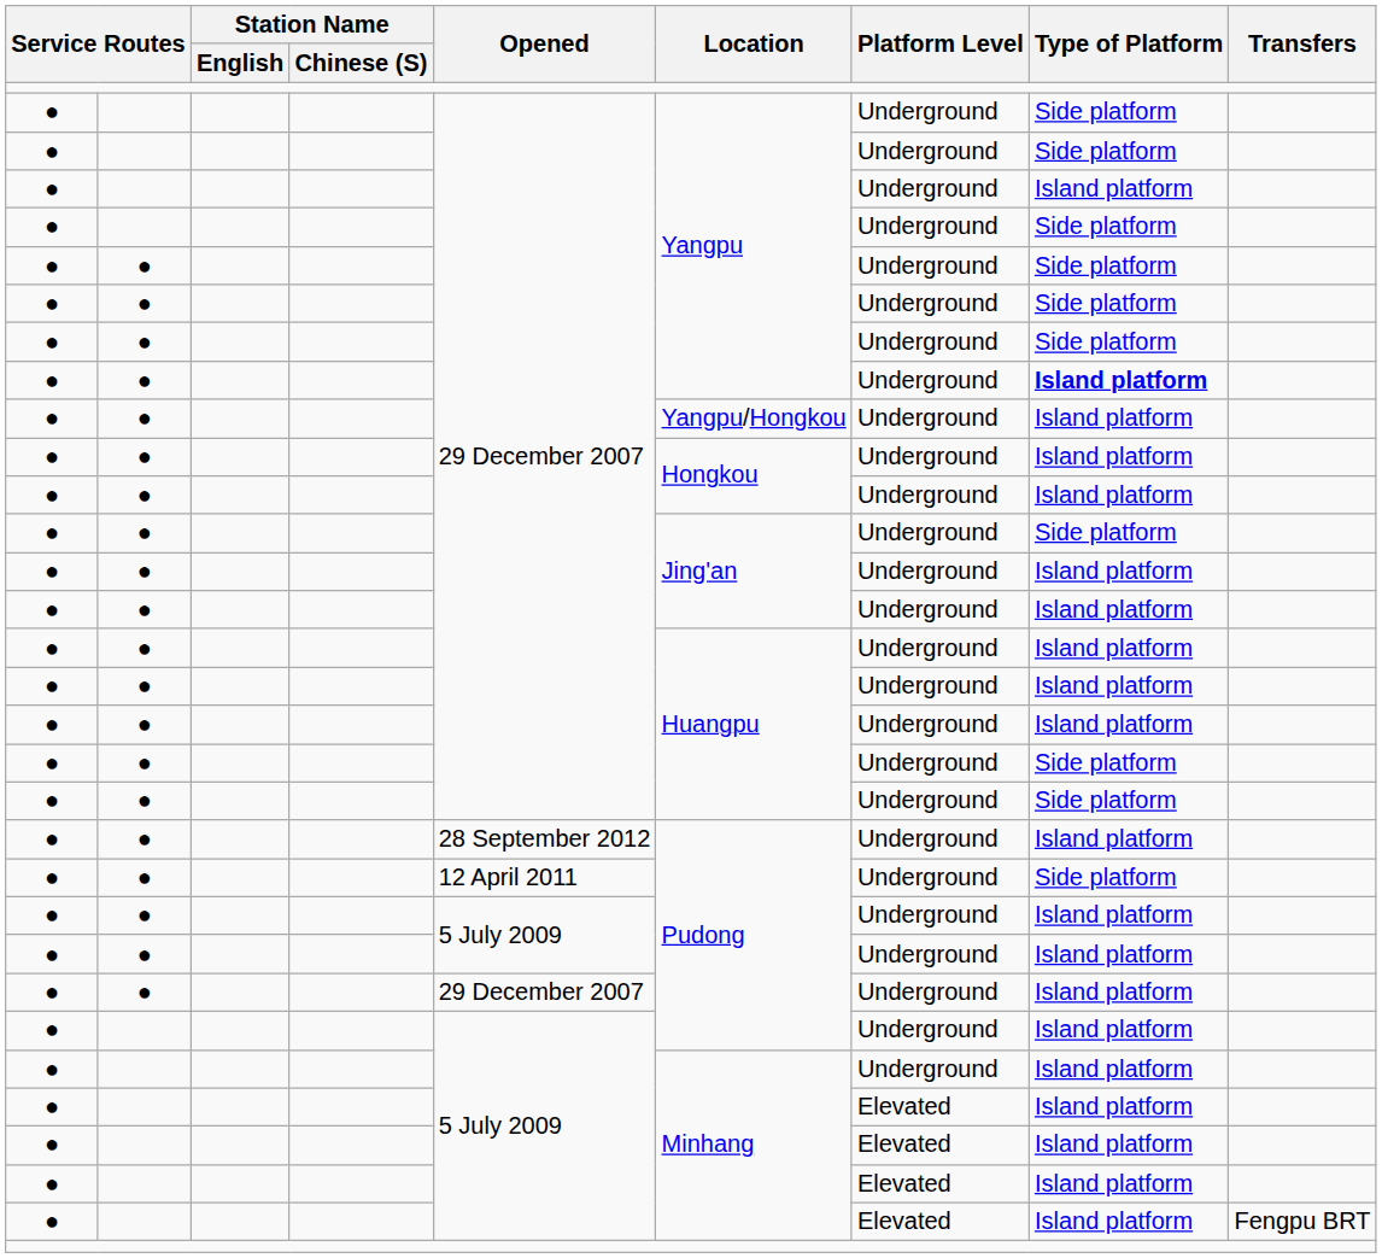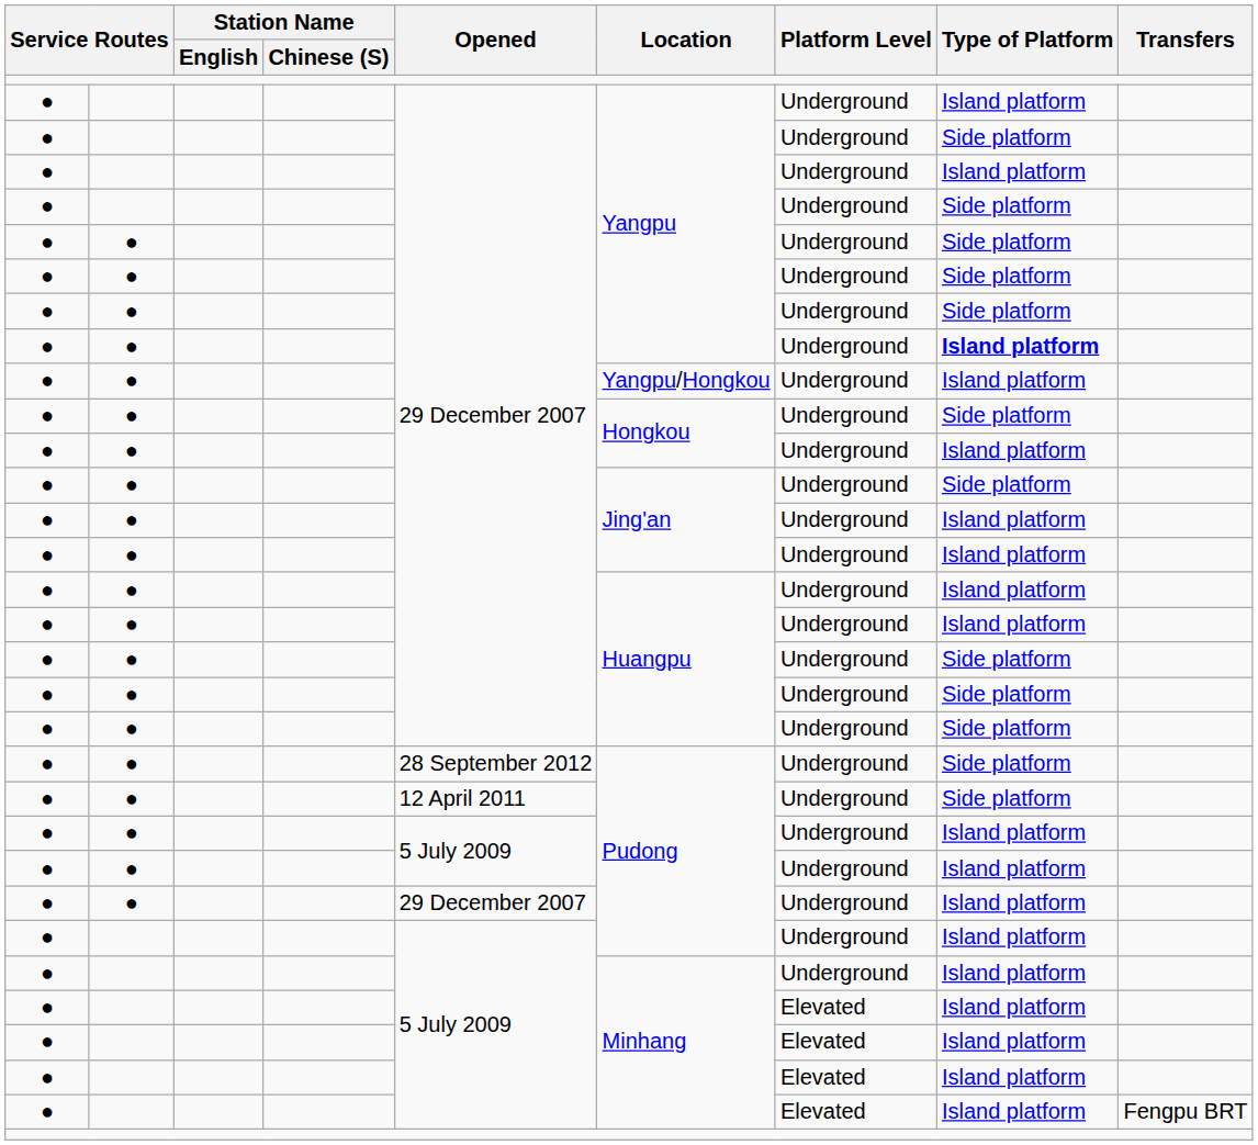 <table class=wikitable>
 <tr>
 <th colspan=2 rowspan=2 style="text-align:center;">Service Routes</th>
 <th colspan=2 style="text-align:center;">Station Name</th>
 <th rowspan=2>Opened</th>
 <th rowspan=2 style="text-align:center;">Location</th>
 <th rowspan=2>Platform Level</th>
 <th rowspan=2>Type of Platform</th>
 <th rowspan=2 style="text-align:center;">Transfers</th>
 </tr>
 <tr>
 <th>English</th>
 <th>Chinese (S)</th>
 </tr>
 <tr style=background:#>
 <td colspan=9></td>
 </tr>
 <tr>
 <td align=center>●</td>
 <td align=center></td>
 <td></td>
 <td><span></span></td>
 <td rowspan=19>29 December 2007</td>
 <td rowspan=8><a href='#'>Yangpu</a></td>
 <td>Underground</td>
-<td><a href='#'>Side platform</a></td>
+<td><a href='#'>Island platform</a></td>
 <td></td>
 </tr>
 <tr>
 <td align=center>●</td>
 <td align=center></td>
 <td></td>
 <td><span></span></td>
 <td>Underground</td>
 <td><a href='#'>Side platform</a></td>
 <td></td>
 </tr>
 <tr>
 <td align=center>●</td>
 <td align=center></td>
 <td></td>
 <td><span></span></td>
 <td>Underground</td>
 <td><a href='#'>Island platform</a></td>
 <td></td>
 </tr>
 <tr>
 <td align=center>●</td>
 <td align=center></td>
 <td></td>
 <td><span></span></td>
 <td>Underground</td>
 <td><a href='#'>Side platform</a></td>
 <td></td>
 </tr>
 <tr>
 <td align=center>●</td>
 <td align=center>●</td>
 <td></td>
 <td><span></span></td>
 <td>Underground</td>
 <td><a href='#'>Side platform</a></td>
 <td></td>
 </tr>
 <tr>
 <td align=center>●</td>
 <td align=center>●</td>
 <td></td>
 <td><span></span></td>
 <td>Underground</td>
 <td><a href='#'>Side platform</a></td>
 <td></td>
 </tr>
 <tr>
 <td align=center>●</td>
 <td align=center>●</td>
 <td></td>
 <td><span></span></td>
 <td>Underground</td>
 <td><a href='#'>Side platform</a></td>
 <td></td>
 </tr>
 <tr>
 <td align=center>●</td>
 <td align=center>●</td>
 <td></td>
 <td><span></span></td>
 <td>Underground</td>
 <td><strong><a href='#'>Island platform</a></strong></td>
 <td></td>
 </tr>
 <tr>
 <td align=center>●</td>
 <td align=center>●</td>
 <td></td>
 <td><span></span></td>
 <td><a href='#'>Yangpu</a>/<a href='#'>Hongkou</a></td>
 <td>Underground</td>
 <td><a href='#'>Island platform</a></td>
 <td></td>
 </tr>
 <tr>
 <td align=center>●</td>
 <td align=center>●</td>
 <td></td>
 <td><span></span></td>
 <td rowspan=2><a href='#'>Hongkou</a></td>
 <td>Underground</td>
-<td><a href='#'>Island platform</a></td>
+<td><a href='#'>Side platform</a></td>
 <td></td>
 </tr>
 <tr>
 <td align=center>●</td>
 <td align=center>●</td>
 <td></td>
 <td><span></span></td>
 <td>Underground</td>
 <td><a href='#'>Island platform</a></td>
 <td></td>
 </tr>
 <tr>
 <td align=center>●</td>
 <td align=center>●</td>
 <td></td>
 <td><span></span></td>
 <td rowspan=3><a href='#'>Jing'an</a></td>
 <td>Underground</td>
 <td><a href='#'>Side platform</a></td>
 <td></td>
 </tr>
 <tr>
 <td align=center>●</td>
 <td align=center>●</td>
 <td></td>
 <td><span></span></td>
 <td>Underground</td>
 <td><a href='#'>Island platform</a></td>
 <td></td>
 </tr>
 <tr>
 <td align=center>●</td>
 <td align=center>●</td>
 <td></td>
 <td><span></span></td>
 <td>Underground</td>
 <td><a href='#'>Island platform</a></td>
 <td></td>
 </tr>
 <tr>
 <td align=center>●</td>
 <td align=center>●</td>
 <td></td>
 <td><span></span></td>
 <td rowspan=5><a href='#'>Huangpu</a></td>
 <td>Underground</td>
 <td><a href='#'>Island platform</a></td>
 <td></td>
 </tr>
 <tr>
 <td align=center>●</td>
 <td align=center>●</td>
 <td></td>
 <td><span></span></td>
 <td>Underground</td>
 <td><a href='#'>Island platform</a></td>
 <td></td>
 </tr>
 <tr>
 <td align=center>●</td>
 <td align=center>●</td>
 <td></td>
 <td><span></span></td>
 <td>Underground</td>
-<td><a href='#'>Island platform</a></td>
+<td><a href='#'>Side platform</a></td>
 <td></td>
 </tr>
 <tr>
 <td align=center>●</td>
 <td align=center>●</td>
 <td></td>
 <td><span></span></td>
 <td>Underground</td>
 <td><a href='#'>Side platform</a></td>
 <td></td>
 </tr>
 <tr>
 <td align=center>●</td>
 <td align=center>●</td>
 <td></td>
 <td><span></span></td>
 <td>Underground</td>
 <td><a href='#'>Side platform</a></td>
 <td></td>
 </tr>
 <tr>
 <td align=center>●</td>
 <td align=center>●</td>
 <td></td>
 <td><span></span></td>
 <td>28 September 2012</td>
 <td rowspan=6><a href='#'>Pudong</a></td>
 <td>Underground</td>
-<td><a href='#'>Island platform</a></td>
+<td><a href='#'>Side platform</a></td>
 <td></td>
 </tr>
 <tr>
 <td align=center>●</td>
 <td align=center>●</td>
 <td></td>
 <td><span></span></td>
 <td>12 April 2011</td>
 <td>Underground</td>
 <td><a href='#'>Side platform</a></td>
 <td></td>
 </tr>
 <tr>
 <td align=center>●</td>
 <td align=center>●</td>
 <td></td>
 <td><span></span></td>
 <td rowspan=2>5 July 2009</td>
 <td>Underground</td>
 <td><a href='#'>Island platform</a></td>
 <td></td>
 </tr>
 <tr>
 <td align=center>●</td>
 <td align=center>●</td>
 <td></td>
 <td><span></span></td>
 <td>Underground</td>
 <td><a href='#'>Island platform</a></td>
 <td></td>
 </tr>
 <tr>
 <td align=center>●</td>
 <td align=center>●</td>
 <td></td>
 <td><span></span></td>
 <td>29 December 2007</td>
 <td>Underground</td>
 <td><a href='#'>Island platform</a></td>
 <td></td>
 </tr>
 <tr>
 <td align=center>●</td>
 <td align=center></td>
 <td></td>
 <td><span></span></td>
 <td rowspan=6>5 July 2009</td>
 <td>Underground</td>
 <td><a href='#'>Island platform</a></td>
 <td></td>
 </tr>
 <tr>
 <td align=center>●</td>
 <td align=center></td>
 <td></td>
 <td><span></span></td>
 <td rowspan=5><a href='#'>Minhang</a></td>
 <td>Underground</td>
 <td><a href='#'>Island platform</a></td>
 <td></td>
 </tr>
 <tr>
 <td align=center>●</td>
 <td align=center></td>
 <td></td>
 <td><span></span></td>
 <td>Elevated</td>
 <td><a href='#'>Island platform</a></td>
 <td></td>
 </tr>
 <tr>
 <td align=center>●</td>
 <td align=center></td>
 <td></td>
 <td><span></span></td>
 <td>Elevated</td>
 <td><a href='#'>Island platform</a></td>
 <td></td>
 </tr>
 <tr>
 <td align=center>●</td>
 <td align=center></td>
 <td></td>
 <td><span></span></td>
 <td>Elevated</td>
 <td><a href='#'>Island platform</a></td>
 <td></td>
 </tr>
 <tr>
 <td align=center>●</td>
 <td align=center></td>
 <td></td>
 <td><span></span></td>
 <td>Elevated</td>
 <td><a href='#'>Island platform</a></td>
 <td> Fengpu BRT</td>
 </tr>
 <tr style=background:#>
 <td colspan=9></td>
 </tr>
 </table>
